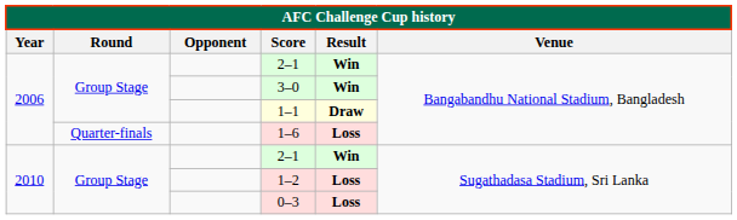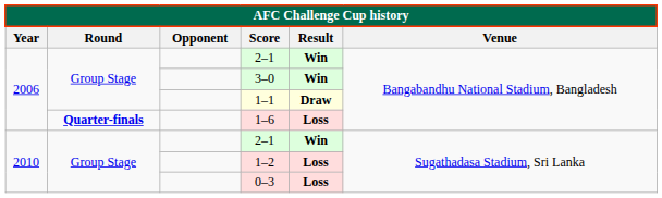 <table class="wikitable collapsible collapsed" style="text-align: center; font-size: 100%;width: 800px">
 <tr>
 <th colspan="7" style="background: #006a4e;border: 2px solid #ff3300;color: #FFFFFF;">AFC Challenge Cup history</th>
 </tr>
 <tr>
 <th>Year</th>
 <th>Round</th>
 <th>Opponent</th>
 <th>Score</th>
 <th>Result</th>
 <th>Venue</th>
 </tr>
 <tr>
 <td rowspan=4><a href='#'>2006</a></td>
 <td rowspan=3><a href='#'>Group Stage</a></td>
 <td style="text-align:left"></td>
 <td style="background:#dfd;">2–1</td>
 <td style="background:#dfd;"><strong>Win</strong></td>
 <td rowspan=4><a href='#'>Bangabandhu National Stadium</a>,  Bangladesh</td>
 </tr>
 <tr>
 <td style="text-align:left"></td>
 <td style="background:#dfd;">3–0</td>
 <td style="background:#dfd;"><strong>Win</strong></td>
 </tr>
 <tr>
 <td style="text-align:left"></td>
 <td style="background:#ffd;">1–1</td>
 <td style="background:#ffd;"><strong>Draw</strong></td>
 </tr>
 <tr>
-<td><a href='#'>Quarter-finals</a></td>
+<td><strong><a href='#'>Quarter-finals</a></strong></td>
 <td style="text-align:left"></td>
 <td style="background:#fdd;">1–6</td>
 <td style="background:#fdd;"><strong>Loss</strong></td>
 </tr>
 <tr>
 <td rowspan=3><a href='#'>2010</a></td>
 <td rowspan=3><a href='#'>Group Stage</a></td>
 <td style="text-align:left"></td>
 <td style="background:#dfd;">2–1</td>
 <td style="background:#dfd;"><strong>Win</strong></td>
 <td rowspan=3><a href='#'>Sugathadasa Stadium</a>,  Sri Lanka</td>
 </tr>
 <tr>
 <td style="text-align:left"></td>
 <td style="background:#fdd;">1–2</td>
 <td style="background:#fdd;"><strong>Loss</strong></td>
 </tr>
 <tr>
 <td style="text-align:left"></td>
 <td style="background:#fdd;">0–3</td>
 <td style="background:#fdd;"><strong>Loss</strong></td>
 </tr>
 </table>
